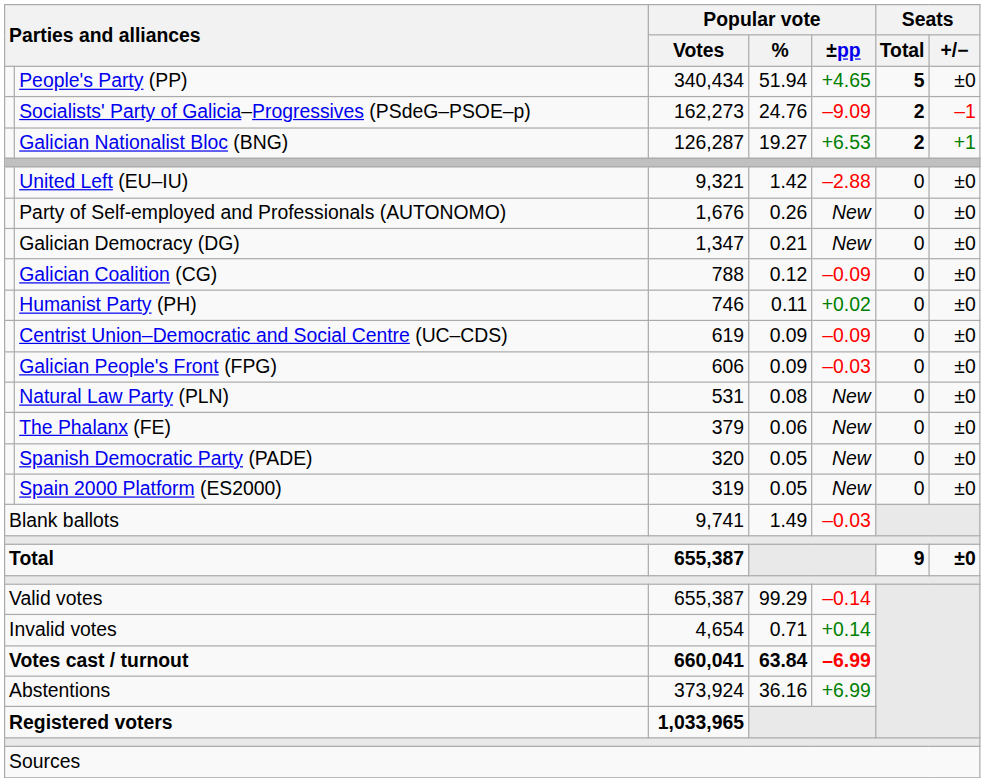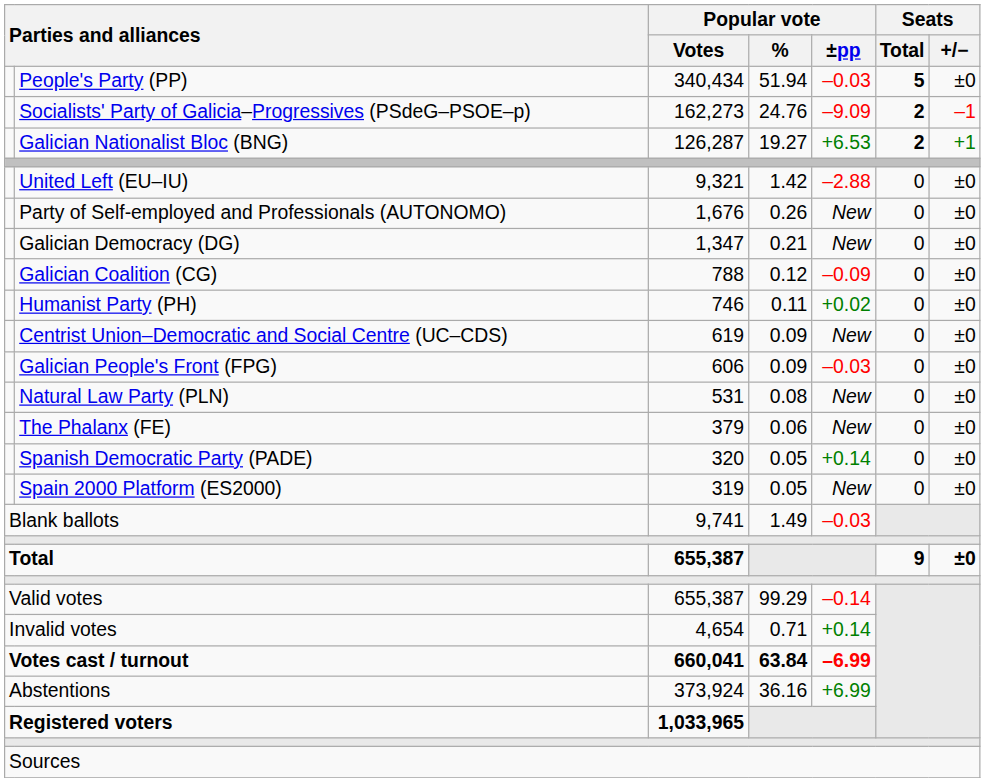 <table class="wikitable" style="text-align:right;">
 <tr>
 <th style="text-align:left;" rowspan="2" colspan="2" width="525">Parties and alliances</th>
 <th colspan="3">Popular vote</th>
 <th colspan="2">Seats</th>
 </tr>
 <tr>
 <th width="75">Votes</th>
 <th width="45">%</th>
 <th width="45">±<a href='#'>pp</a></th>
 <th width="35">Total</th>
 <th width="35">+/−</th>
 </tr>
 <tr>
 <td width="1" style="color:inherit;background:"></td>
 <td align="left"><a href='#'>People's Party</a> (PP)</td>
 <td>340,434</td>
 <td>51.94</td>
-<td style="color:green;">+4.65</td>
+<td style="color:red;">–0.03</td>
 <td><strong>5</strong></td>
 <td>±0</td>
 </tr>
 <tr>
 <td style="color:inherit;background:"></td>
 <td align="left"><a href='#'>Socialists' Party of Galicia</a>–<a href='#'>Progressives</a> (PSdeG–PSOE–p)</td>
 <td>162,273</td>
 <td>24.76</td>
 <td style="color:red;">–9.09</td>
 <td><strong>2</strong></td>
 <td style="color:red;">–1</td>
 </tr>
 <tr>
 <td style="color:inherit;background:"></td>
 <td align="left"><a href='#'>Galician Nationalist Bloc</a> (BNG)</td>
 <td>126,287</td>
 <td>19.27</td>
 <td style="color:green;">+6.53</td>
 <td><strong>2</strong></td>
 <td style="color:green;">+1</td>
 </tr>
 <tr>
 <td colspan="7" bgcolor="#C0C0C0"></td>
 </tr>
 <tr>
 <td style="color:inherit;background:"></td>
 <td align="left"><a href='#'>United Left</a> (EU–IU)</td>
 <td>9,321</td>
 <td>1.42</td>
 <td style="color:red;">–2.88</td>
 <td>0</td>
 <td>±0</td>
 </tr>
 <tr>
 <td style="color:inherit;background:"></td>
 <td align="left">Party of Self-employed and Professionals (AUTONOMO)</td>
 <td>1,676</td>
 <td>0.26</td>
 <td><em>New</em></td>
 <td>0</td>
 <td>±0</td>
 </tr>
 <tr>
 <td style="color:inherit;background:"></td>
 <td align="left">Galician Democracy (DG)</td>
 <td>1,347</td>
 <td>0.21</td>
 <td><em>New</em></td>
 <td>0</td>
 <td>±0</td>
 </tr>
 <tr>
 <td style="color:inherit;background:"></td>
 <td align="left"><a href='#'>Galician Coalition</a> (CG)</td>
 <td>788</td>
 <td>0.12</td>
 <td style="color:red;">–0.09</td>
 <td>0</td>
 <td>±0</td>
 </tr>
 <tr>
 <td style="color:inherit;background:"></td>
 <td align="left"><a href='#'>Humanist Party</a> (PH)</td>
 <td>746</td>
 <td>0.11</td>
 <td style="color:green;">+0.02</td>
 <td>0</td>
 <td>±0</td>
 </tr>
 <tr>
 <td style="color:inherit;background:"></td>
 <td align="left"><a href='#'>Centrist Union–Democratic and Social Centre</a> (UC–CDS)</td>
 <td>619</td>
 <td>0.09</td>
-<td style="color:red;">–0.09</td>
+<td><em>New</em></td>
 <td>0</td>
 <td>±0</td>
 </tr>
 <tr>
 <td style="color:inherit;background:"></td>
 <td align="left"><a href='#'>Galician People's Front</a> (FPG)</td>
 <td>606</td>
 <td>0.09</td>
 <td style="color:red;">–0.03</td>
 <td>0</td>
 <td>±0</td>
 </tr>
 <tr>
 <td style="color:inherit;background:"></td>
 <td align="left"><a href='#'>Natural Law Party</a> (PLN)</td>
 <td>531</td>
 <td>0.08</td>
 <td><em>New</em></td>
 <td>0</td>
 <td>±0</td>
 </tr>
 <tr>
 <td style="color:inherit;background:"></td>
 <td align="left"><a href='#'>The Phalanx</a> (FE)</td>
 <td>379</td>
 <td>0.06</td>
 <td><em>New</em></td>
 <td>0</td>
 <td>±0</td>
 </tr>
 <tr>
 <td style="color:inherit;background:"></td>
 <td align="left"><a href='#'>Spanish Democratic Party</a> (PADE)</td>
 <td>320</td>
 <td>0.05</td>
-<td><em>New</em></td>
+<td style="color:green;">+0.14</td>
 <td>0</td>
 <td>±0</td>
 </tr>
 <tr>
 <td style="color:inherit;background:"></td>
 <td align="left"><a href='#'>Spain 2000 Platform</a> (ES2000)</td>
 <td>319</td>
 <td>0.05</td>
 <td><em>New</em></td>
 <td>0</td>
 <td>±0</td>
 </tr>
 <tr>
 <td align="left" colspan="2">Blank ballots</td>
 <td>9,741</td>
 <td>1.49</td>
 <td style="color:red;">–0.03</td>
 <td bgcolor="#E9E9E9" colspan="2"></td>
 </tr>
 <tr>
 <td colspan="7" bgcolor="#E9E9E9"></td>
 </tr>
 <tr style="font-weight:bold;">
 <td align="left" colspan="2">Total</td>
 <td>655,387</td>
 <td bgcolor="#E9E9E9" colspan="2"></td>
 <td>9</td>
 <td>±0</td>
 </tr>
 <tr>
 <td colspan="7" bgcolor="#E9E9E9"></td>
 </tr>
 <tr>
 <td align="left" colspan="2">Valid votes</td>
 <td>655,387</td>
 <td>99.29</td>
 <td style="color:red;">–0.14</td>
 <td bgcolor="#E9E9E9" colspan="2" rowspan="5"></td>
 </tr>
 <tr>
 <td align="left" colspan="2">Invalid votes</td>
 <td>4,654</td>
 <td>0.71</td>
 <td style="color:green;">+0.14</td>
 </tr>
 <tr style="font-weight:bold;">
 <td align="left" colspan="2">Votes cast / turnout</td>
 <td>660,041</td>
 <td>63.84</td>
 <td style="color:red;">–6.99</td>
 </tr>
 <tr>
 <td align="left" colspan="2">Abstentions</td>
 <td>373,924</td>
 <td>36.16</td>
 <td style="color:green;">+6.99</td>
 </tr>
 <tr style="font-weight:bold;">
 <td align="left" colspan="2">Registered voters</td>
 <td>1,033,965</td>
 <td bgcolor="#E9E9E9" colspan="2"></td>
 </tr>
 <tr>
 <td colspan="7" bgcolor="#E9E9E9"></td>
 </tr>
 <tr>
 <td align="left" colspan="7">Sources</td>
 </tr>
 </table>
